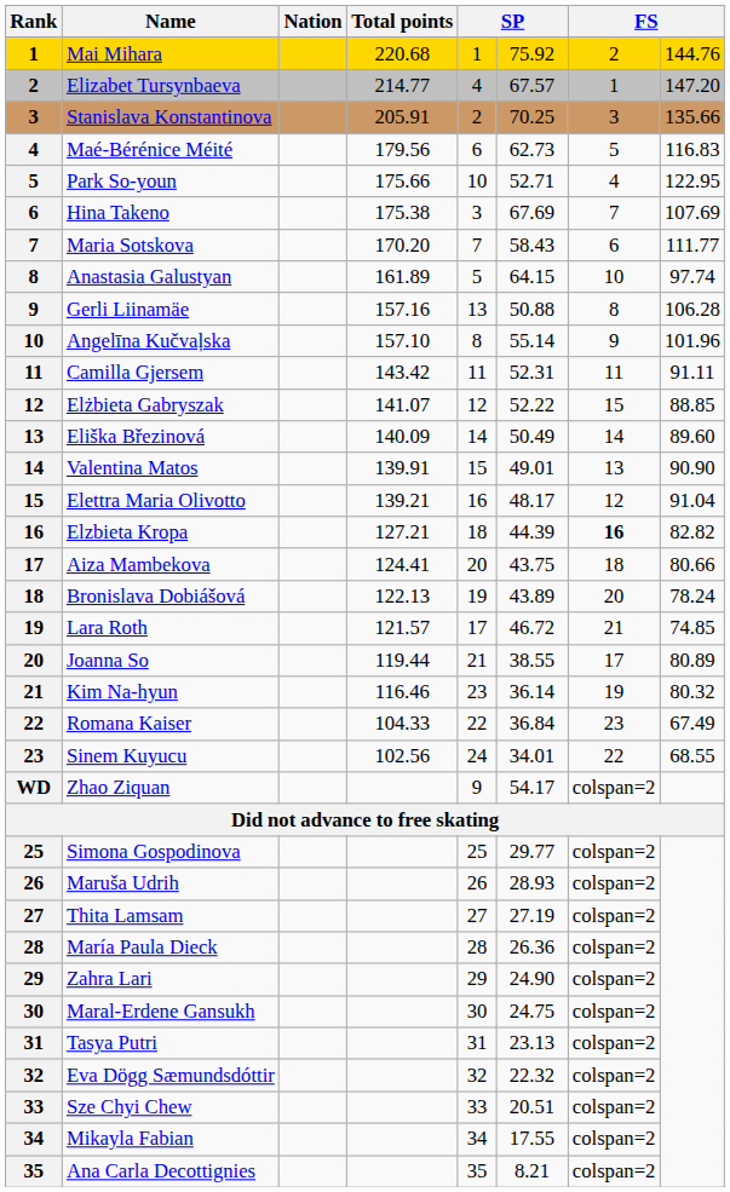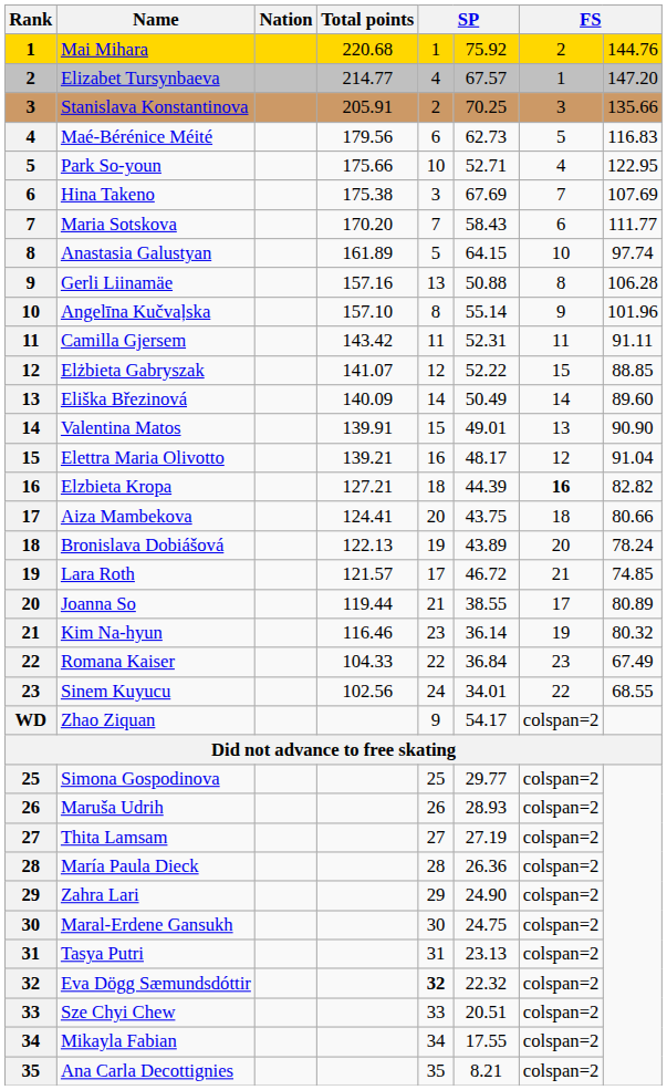 <table class="wikitable sortable">
 <tr>
 <th>Rank</th>
 <th>Name</th>
 <th>Nation</th>
 <th>Total points</th>
 <th colspan="2" width="80px"><a href='#'>SP</a></th>
 <th colspan="2" width="80px"><a href='#'>FS</a></th>
 </tr>
 <tr bgcolor="gold">
 <td align="center"><strong>1</strong></td>
 <td><a href='#'>Mai Mihara</a></td>
 <td></td>
 <td align="center">220.68</td>
 <td align="center">1</td>
 <td align="center">75.92</td>
 <td align="center">2</td>
 <td align="center">144.76</td>
 </tr>
 <tr bgcolor="silver">
 <td align="center"><strong>2</strong></td>
 <td><a href='#'>Elizabet Tursynbaeva</a></td>
 <td></td>
 <td align="center">214.77</td>
 <td align="center">4</td>
 <td align="center">67.57</td>
 <td align="center">1</td>
 <td align="center">147.20</td>
 </tr>
 <tr bgcolor="#cc9966">
 <td align="center"><strong>3</strong></td>
 <td><a href='#'>Stanislava Konstantinova</a></td>
 <td></td>
 <td align="center">205.91</td>
 <td align="center">2</td>
 <td align="center">70.25</td>
 <td align="center">3</td>
 <td align="center">135.66</td>
 </tr>
 <tr>
 <th>4</th>
 <td><a href='#'>Maé-Bérénice Méité</a></td>
 <td></td>
 <td align="center">179.56</td>
 <td align="center">6</td>
 <td align="center">62.73</td>
 <td align="center">5</td>
 <td align="center">116.83</td>
 </tr>
 <tr>
 <th>5</th>
 <td><a href='#'>Park So-youn</a></td>
 <td></td>
 <td align="center">175.66</td>
 <td align="center">10</td>
 <td align="center">52.71</td>
 <td align="center">4</td>
 <td align="center">122.95</td>
 </tr>
 <tr>
 <th>6</th>
 <td><a href='#'>Hina Takeno</a></td>
 <td></td>
 <td align="center">175.38</td>
 <td align="center">3</td>
 <td align="center">67.69</td>
 <td align="center">7</td>
 <td align="center">107.69</td>
 </tr>
 <tr>
 <th>7</th>
 <td><a href='#'>Maria Sotskova</a></td>
 <td></td>
 <td align="center">170.20</td>
 <td align="center">7</td>
 <td align="center">58.43</td>
 <td align="center">6</td>
 <td align="center">111.77</td>
 </tr>
 <tr>
 <th>8</th>
 <td><a href='#'>Anastasia Galustyan</a></td>
 <td></td>
 <td align="center">161.89</td>
 <td align="center">5</td>
 <td align="center">64.15</td>
 <td align="center">10</td>
 <td align="center">97.74</td>
 </tr>
 <tr>
 <th>9</th>
 <td><a href='#'>Gerli Liinamäe</a></td>
 <td></td>
 <td align="center">157.16</td>
 <td align="center">13</td>
 <td align="center">50.88</td>
 <td align="center">8</td>
 <td align="center">106.28</td>
 </tr>
 <tr>
 <th>10</th>
 <td><a href='#'>Angelīna Kučvaļska</a></td>
 <td></td>
 <td align="center">157.10</td>
 <td align="center">8</td>
 <td align="center">55.14</td>
 <td align="center">9</td>
 <td align="center">101.96</td>
 </tr>
 <tr>
 <th>11</th>
 <td><a href='#'>Camilla Gjersem</a></td>
 <td></td>
 <td align="center">143.42</td>
 <td align="center">11</td>
 <td align="center">52.31</td>
 <td align="center">11</td>
 <td align="center">91.11</td>
 </tr>
 <tr>
 <th>12</th>
 <td><a href='#'>Elżbieta Gabryszak</a></td>
 <td></td>
 <td align="center">141.07</td>
 <td align="center">12</td>
 <td align="center">52.22</td>
 <td align="center">15</td>
 <td align="center">88.85</td>
 </tr>
 <tr>
 <th>13</th>
 <td><a href='#'>Eliška Březinová</a></td>
 <td></td>
 <td align="center">140.09</td>
 <td align="center">14</td>
 <td align="center">50.49</td>
 <td align="center">14</td>
 <td align="center">89.60</td>
 </tr>
 <tr>
 <th>14</th>
 <td><a href='#'>Valentina Matos</a></td>
 <td></td>
 <td align="center">139.91</td>
 <td align="center">15</td>
 <td align="center">49.01</td>
 <td align="center">13</td>
 <td align="center">90.90</td>
 </tr>
 <tr>
 <th>15</th>
 <td><a href='#'>Elettra Maria Olivotto</a></td>
 <td></td>
 <td align="center">139.21</td>
 <td align="center">16</td>
 <td align="center">48.17</td>
 <td align="center">12</td>
 <td align="center">91.04</td>
 </tr>
 <tr>
 <th>16</th>
 <td><a href='#'>Elzbieta Kropa</a></td>
 <td></td>
 <td align="center">127.21</td>
 <td align="center">18</td>
 <td align="center">44.39</td>
 <td align="center"><strong>16</strong></td>
 <td align="center">82.82</td>
 </tr>
 <tr>
 <th>17</th>
 <td><a href='#'>Aiza Mambekova</a></td>
 <td></td>
 <td align="center">124.41</td>
 <td align="center">20</td>
 <td align="center">43.75</td>
 <td align="center">18</td>
 <td align="center">80.66</td>
 </tr>
 <tr>
 <th>18</th>
 <td><a href='#'>Bronislava Dobiášová</a></td>
 <td></td>
 <td align="center">122.13</td>
 <td align="center">19</td>
 <td align="center">43.89</td>
 <td align="center">20</td>
 <td align="center">78.24</td>
 </tr>
 <tr>
 <th>19</th>
 <td><a href='#'>Lara Roth</a></td>
 <td></td>
 <td align="center">121.57</td>
 <td align="center">17</td>
 <td align="center">46.72</td>
 <td align="center">21</td>
 <td align="center">74.85</td>
 </tr>
 <tr>
 <th>20</th>
 <td><a href='#'>Joanna So</a></td>
 <td></td>
 <td align="center">119.44</td>
 <td align="center">21</td>
 <td align="center">38.55</td>
 <td align="center">17</td>
 <td align="center">80.89</td>
 </tr>
 <tr>
 <th>21</th>
 <td><a href='#'>Kim Na-hyun</a></td>
 <td></td>
 <td align="center">116.46</td>
 <td align="center">23</td>
 <td align="center">36.14</td>
 <td align="center">19</td>
 <td align="center">80.32</td>
 </tr>
 <tr>
 <th>22</th>
 <td><a href='#'>Romana Kaiser</a></td>
 <td></td>
 <td align="center">104.33</td>
 <td align="center">22</td>
 <td align="center">36.84</td>
 <td align="center">23</td>
 <td align="center">67.49</td>
 </tr>
 <tr>
 <th>23</th>
 <td><a href='#'>Sinem Kuyucu</a></td>
 <td></td>
 <td align="center">102.56</td>
 <td align="center">24</td>
 <td align="center">34.01</td>
 <td align="center">22</td>
 <td align="center">68.55</td>
 </tr>
 <tr>
 <th>WD</th>
 <td><a href='#'>Zhao Ziquan</a></td>
 <td></td>
 <td></td>
 <td align="center">9</td>
 <td align="center">54.17</td>
 <td>colspan=2 </td>
 </tr>
 <tr>
 <th colspan=8>Did not advance to free skating</th>
 </tr>
 <tr>
 <th>25</th>
 <td><a href='#'>Simona Gospodinova</a></td>
 <td></td>
 <td></td>
 <td align="center">25</td>
 <td align="center">29.77</td>
 <td>colspan=2 </td>
 </tr>
 <tr>
 <th>26</th>
 <td><a href='#'>Maruša Udrih</a></td>
 <td></td>
 <td></td>
 <td align="center">26</td>
 <td align="center">28.93</td>
 <td>colspan=2 </td>
 </tr>
 <tr>
 <th>27</th>
 <td><a href='#'>Thita Lamsam</a></td>
 <td></td>
 <td></td>
 <td align="center">27</td>
 <td align="center">27.19</td>
 <td>colspan=2 </td>
 </tr>
 <tr>
 <th>28</th>
 <td><a href='#'>María Paula Dieck</a></td>
 <td></td>
 <td></td>
 <td align="center">28</td>
 <td align="center">26.36</td>
 <td>colspan=2 </td>
 </tr>
 <tr>
 <th>29</th>
 <td><a href='#'>Zahra Lari</a></td>
 <td></td>
 <td></td>
 <td align="center">29</td>
 <td align="center">24.90</td>
 <td>colspan=2 </td>
 </tr>
 <tr>
 <th>30</th>
 <td><a href='#'>Maral-Erdene Gansukh</a></td>
 <td></td>
 <td></td>
 <td align="center">30</td>
 <td align="center">24.75</td>
 <td>colspan=2 </td>
 </tr>
 <tr>
 <th>31</th>
 <td><a href='#'>Tasya Putri</a></td>
 <td></td>
 <td></td>
 <td align="center">31</td>
 <td align="center">23.13</td>
 <td>colspan=2 </td>
 </tr>
 <tr>
 <th>32</th>
 <td><a href='#'>Eva Dögg Sæmundsdóttir</a></td>
 <td></td>
 <td></td>
-<td align="center">32</td>
+<td align="center"><strong>32</strong></td>
 <td align="center">22.32</td>
 <td>colspan=2 </td>
 </tr>
 <tr>
 <th>33</th>
 <td><a href='#'>Sze Chyi Chew</a></td>
 <td></td>
 <td></td>
 <td align="center">33</td>
 <td align="center">20.51</td>
 <td>colspan=2 </td>
 </tr>
 <tr>
 <th>34</th>
 <td><a href='#'>Mikayla Fabian</a></td>
 <td></td>
 <td></td>
 <td align="center">34</td>
 <td align="center">17.55</td>
 <td>colspan=2 </td>
 </tr>
 <tr>
 <th>35</th>
 <td><a href='#'>Ana Carla Decottignies</a></td>
 <td></td>
 <td></td>
 <td align="center">35</td>
 <td align="center">8.21</td>
 <td>colspan=2 </td>
 </tr>
 </table>
